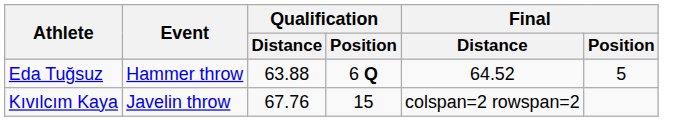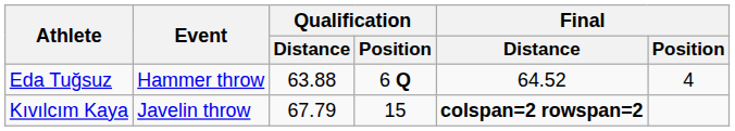 <table class=wikitable style="font-size:90%">
 <tr>
 <th rowspan="2">Athlete</th>
 <th rowspan="2">Event</th>
 <th colspan="2">Qualification</th>
 <th colspan="2">Final</th>
 </tr>
 <tr style="font-size:95%">
 <th>Distance</th>
 <th>Position</th>
 <th>Distance</th>
 <th>Position</th>
 </tr>
 <tr style=text-align:center>
 <td style=text-align:left><a href='#'>Eda Tuğsuz</a></td>
 <td style=text-align:left><a href='#'>Hammer throw</a></td>
 <td>63.88</td>
 <td>6 <strong>Q</strong></td>
 <td>64.52</td>
-<td>5</td>
+<td>4</td>
 </tr>
 <tr style=text-align:center>
 <td style=text-align:left><a href='#'>Kıvılcım Kaya</a></td>
 <td style=text-align:left><a href='#'>Javelin throw</a></td>
-<td>67.76</td>
+<td>67.79</td>
 <td>15</td>
-<td>colspan=2 rowspan=2</td>
+<td><strong>colspan=2 rowspan=2</strong></td>
 </tr>
 </table>
